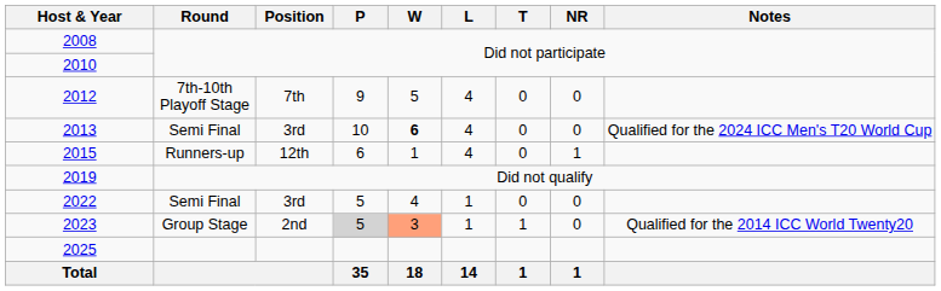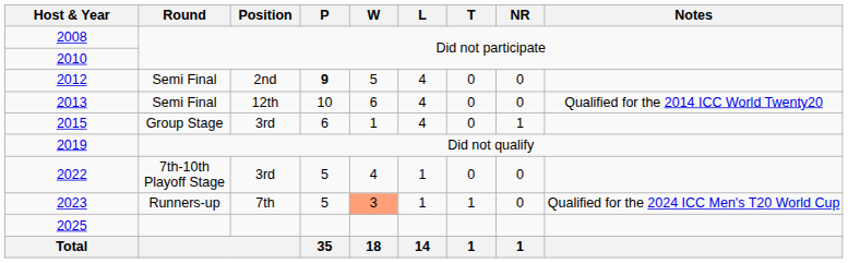 <table class="wikitable" style="text-align: center;">
 <tr>
 <th width=150>Host & Year</th>
 <th width=100>Round</th>
 <th width=75>Position</th>
 <th width=50>P</th>
 <th width=50>W</th>
 <th width=50>L</th>
 <th width=50>T</th>
 <th width=50>NR</th>
 <th>Notes</th>
 </tr>
 <tr>
 <td> <a href='#'>2008</a></td>
 <td colspan="8" rowspan="2">Did not participate</td>
 </tr>
 <tr>
 <td> <a href='#'>2010</a></td>
 </tr>
 <tr>
 <td> <a href='#'>2012</a></td>
-<td>7th-10th Playoff Stage</td>
-<td>7th</td>
-<td>9</td>
+<td>Semi Final</td>
+<td>2nd</td>
+<td><strong>9</strong></td>
 <td>5</td>
 <td>4</td>
 <td>0</td>
 <td>0</td>
 <td></td>
 </tr>
 <tr>
 <td> <a href='#'>2013</a></td>
 <td>Semi Final</td>
-<td>3rd</td>
+<td>12th</td>
 <td>10</td>
-<td><strong>6</strong></td>
+<td>6</td>
 <td>4</td>
 <td>0</td>
 <td>0</td>
-<td>Qualified for the <a href='#'>2024 ICC Men's T20 World Cup</a></td>
+<td>Qualified for the <a href='#'>2014 ICC World Twenty20</a></td>
 </tr>
 <tr>
 <td> <a href='#'>2015</a></td>
-<td>Runners-up</td>
-<td>12th</td>
+<td>Group Stage</td>
+<td>3rd</td>
 <td>6</td>
 <td>1</td>
 <td>4</td>
 <td>0</td>
 <td>1</td>
 <td></td>
 </tr>
 <tr>
 <td> <a href='#'>2019</a></td>
 <td colspan="8">Did not qualify</td>
 </tr>
 <tr>
 <td> <a href='#'>2022</a></td>
-<td>Semi Final</td>
+<td>7th-10th Playoff Stage</td>
 <td>3rd</td>
 <td>5</td>
 <td>4</td>
 <td>1</td>
 <td>0</td>
 <td>0</td>
 <td></td>
 </tr>
 <tr>
 <td> <a href='#'>2023</a></td>
-<td>Group Stage</td>
-<td>2nd</td>
-<td style="background: lightgrey;">5</td>
+<td>Runners-up</td>
+<td>7th</td>
+<td>5</td>
 <td style="background: lightsalmon;">3</td>
 <td>1</td>
 <td>1</td>
 <td>0</td>
-<td>Qualified for the <a href='#'>2014 ICC World Twenty20</a></td>
+<td>Qualified for the <a href='#'>2024 ICC Men's T20 World Cup</a></td>
 </tr>
 <tr>
 <td> <a href='#'>2025</a></td>
 <td></td>
 <td></td>
 <td></td>
 <td></td>
 <td></td>
 <td></td>
 <td></td>
 <td></td>
 </tr>
 <tr>
 <th>Total</th>
 <th colspan="2"></th>
 <th>35</th>
 <th>18</th>
 <th>14</th>
 <th>1</th>
 <th>1</th>
 <th></th>
 </tr>
 </table>
